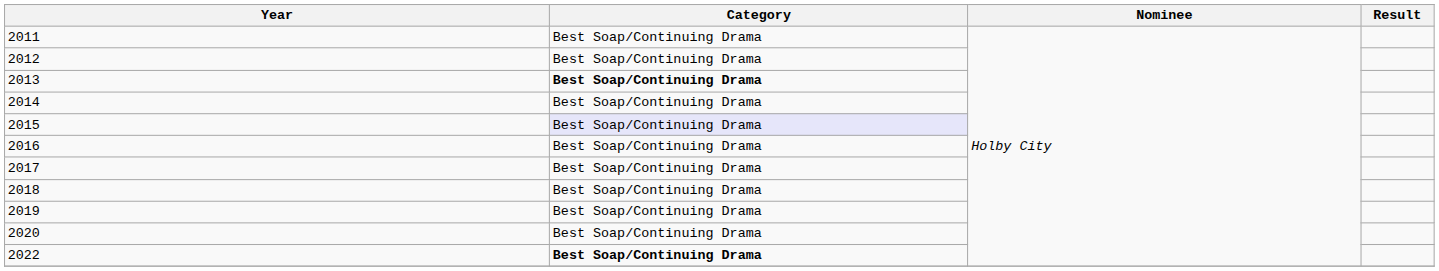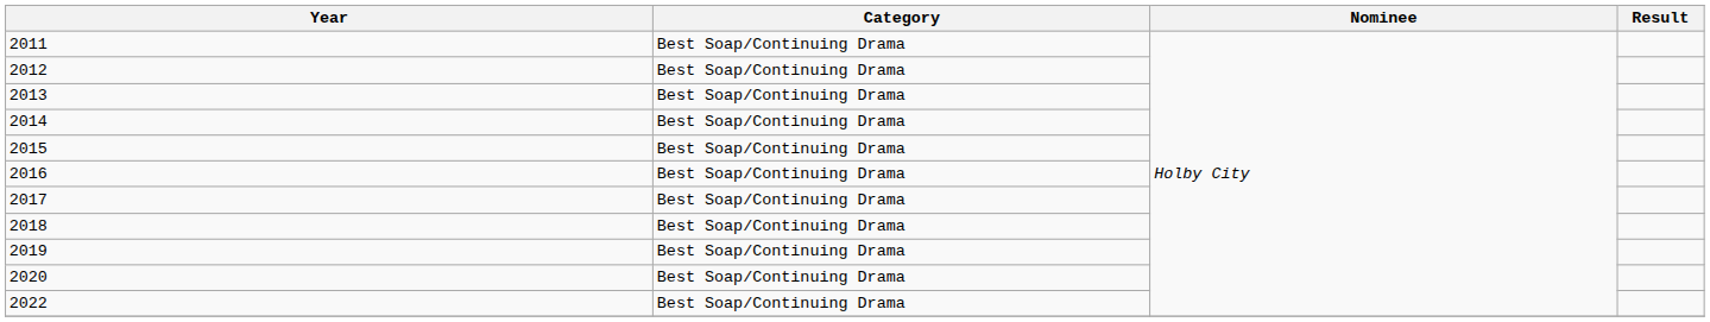 <table class="wikitable" width=70%>
 <tr>
 <th scope="col">Year</th>
 <th width="400" scope="col">Category</th>
 <th width="375" scope="col">Nominee</th>
 <th width="65" scope="col">Result</th>
 </tr>
 <tr>
 <td>2011</td>
 <td scope="row">Best Soap/Continuing Drama</td>
 <td rowspan="11"><em>Holby City</em></td>
 <td></td>
 </tr>
 <tr>
 <td>2012</td>
 <td scope="row">Best Soap/Continuing Drama</td>
 <td></td>
 </tr>
 <tr>
 <td>2013</td>
-<td scope="row"><strong>Best Soap/Continuing Drama</strong></td>
+<td scope="row">Best Soap/Continuing Drama</td>
 <td></td>
 </tr>
 <tr>
 <td>2014</td>
 <td scope="row">Best Soap/Continuing Drama</td>
 <td></td>
 </tr>
 <tr>
 <td>2015</td>
-<td scope="row" style="background: lavender;">Best Soap/Continuing Drama</td>
+<td scope="row">Best Soap/Continuing Drama</td>
 <td></td>
 </tr>
 <tr>
 <td>2016</td>
 <td scope="row">Best Soap/Continuing Drama</td>
 <td></td>
 </tr>
 <tr>
 <td>2017</td>
 <td scope="row">Best Soap/Continuing Drama</td>
 <td></td>
 </tr>
 <tr>
 <td>2018</td>
 <td scope="row">Best Soap/Continuing Drama</td>
 <td></td>
 </tr>
 <tr>
 <td>2019</td>
 <td scope="row">Best Soap/Continuing Drama</td>
 <td></td>
 </tr>
 <tr>
 <td>2020</td>
 <td scope="row">Best Soap/Continuing Drama</td>
 <td></td>
 </tr>
 <tr>
 <td>2022</td>
-<td scope="row"><strong>Best Soap/Continuing Drama</strong></td>
+<td scope="row">Best Soap/Continuing Drama</td>
 <td></td>
 </tr>
 <tr>
 </tr>
 </table>
